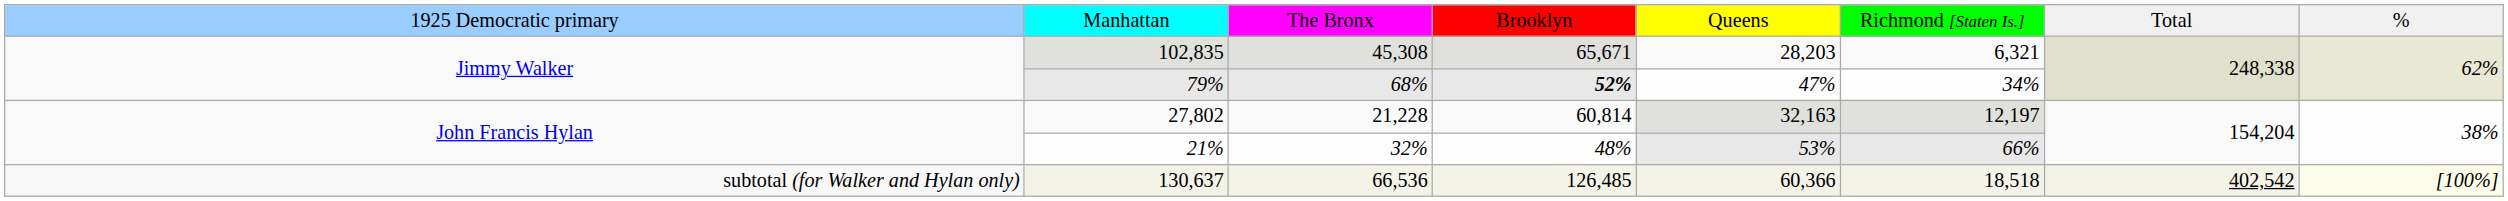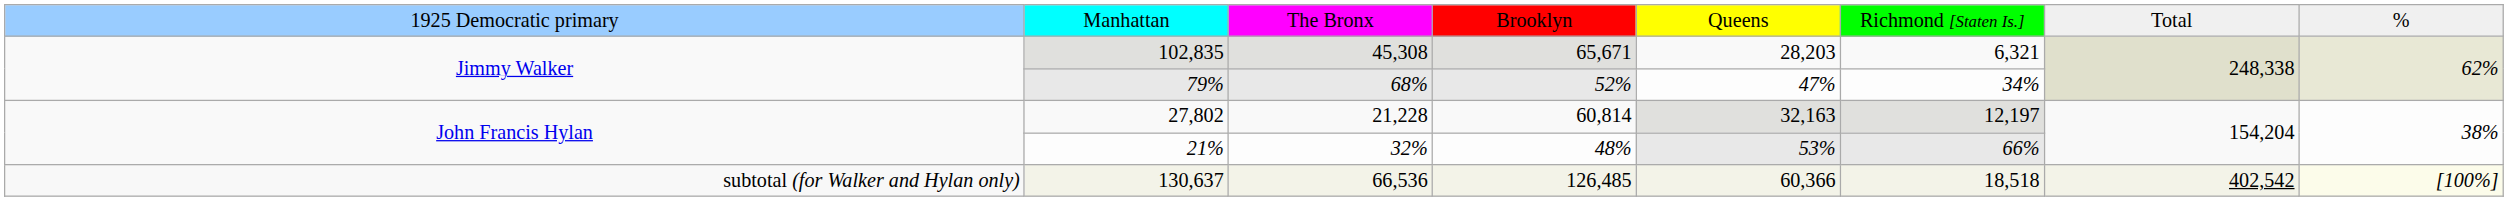 <table class="wikitable" style="width:100%; text-align:right;">
 <tr style="text-align:center;">
 <td style="width:40%; background:#9cf;">1925 Democratic primary</td>
 <td style="width:8%; background:aqua;">Manhattan</td>
 <td style="width:8%; background:magenta;">The Bronx</td>
 <td style="width:8%; background:red;">Brooklyn</td>
 <td style="width:8%; background:yellow;">Queens</td>
 <td style="width:8%; background:lime;">Richmond <small><em>[Staten Is.]</em></small></td>
 <td style="width:10%; background:#f0f0f0;">Total</td>
 <td style="width:8%; background:#f0f0f0;">%</td>
 </tr>
 <tr>
 <td rowspan="2" style="text-align:center;"><a href='#'>Jimmy Walker</a></td>
 <td style="background:#e0e0dd;">102,835</td>
 <td style="background:#e0e0dd;">45,308</td>
 <td style="background:#e0e0dd;">65,671</td>
 <td>28,203</td>
 <td>6,321</td>
 <td rowspan="2" style="background:#e0e0cc;">248,338</td>
 <td rowspan="2" style="background:#e8e8d5;"><em>62%</em></td>
 </tr>
 <tr style="background:#e8e8e8;">
 <td><em>79%</em></td>
 <td><em>68%</em></td>
-<td><strong><em>52%</em></strong></td>
+<td><em>52%</em></td>
 <td bgcolor="fdfdfd"><em>47%</em></td>
 <td bgcolor="fdfdfd"><em>34%</em></td>
 </tr>
 <tr>
 <td rowspan="2" style="text-align:center;"><a href='#'>John Francis Hylan</a></td>
 <td>27,802</td>
 <td>21,228</td>
 <td>60,814</td>
 <td style="background:#e0e0dd;">32,163</td>
 <td style="background:#e0e0dd;">12,197</td>
 <td rowspan="2">154,204</td>
 <td rowspan="2" style="background:#fdfdfd;"><em>38%</em></td>
 </tr>
 <tr style="background:#fdfdfd;">
 <td><em>21%</em></td>
 <td><em>32%</em></td>
 <td><em>48%</em></td>
 <td style="background:#e8e8e8;"><em>53%</em></td>
 <td style="background:#e8e8e8;"><em>66%</em></td>
 </tr>
 <tr style="background:#f3f3e8;">
 <td style="background:#f8f8f8;">subtotal <em>(for Walker and Hylan only)</em></td>
 <td>130,637</td>
 <td>66,536</td>
 <td>126,485</td>
 <td>60,366</td>
 <td>18,518</td>
 <td><u>402,542</u></td>
 <td style="background:#fcfcea;"><em>[100%]</em></td>
 </tr>
 </table>
